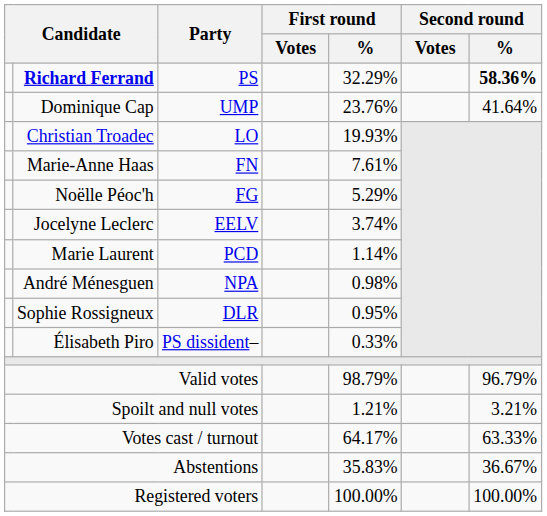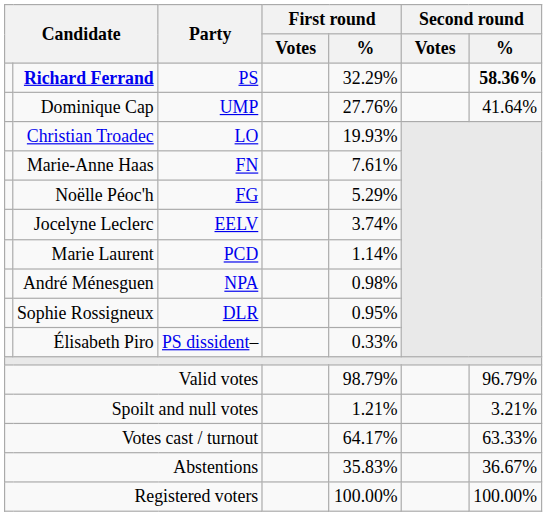 <table class="wikitable" style="text-align:right;font-size:95%;">
 <tr>
 <th rowspan=2 colspan=2>Candidate</th>
 <th rowspan=2 colspan=1>Party</th>
 <th colspan=2>First round</th>
 <th colspan=2>Second round</th>
 </tr>
 <tr>
 <th style="width:50px;">Votes</th>
 <th style="width:55px;">%</th>
 <th style="width:50px;">Votes</th>
 <th style="width:55px;">%</th>
 </tr>
 <tr>
 <td style="color:inherit;background-color:"></td>
 <td><strong><a href='#'>Richard Ferrand</a></strong></td>
 <td><a href='#'>PS</a></td>
 <td></td>
 <td>32.29%</td>
 <td><strong></strong></td>
 <td><strong>58.36%</strong></td>
 </tr>
 <tr>
 <td style="color:inherit;background-color:"></td>
 <td>Dominique Cap</td>
 <td><a href='#'>UMP</a></td>
 <td></td>
-<td>23.76%</td>
+<td>27.76%</td>
 <td></td>
 <td>41.64%</td>
 </tr>
 <tr>
 <td style="color:inherit;background-color:"></td>
 <td><a href='#'>Christian Troadec</a></td>
 <td><a href='#'>LO</a></td>
 <td></td>
 <td>19.93%</td>
 <td colspan=7 rowspan=8 style="background-color:#E9E9E9;"></td>
 </tr>
 <tr>
 <td style="color:inherit;background-color:"></td>
 <td>Marie-Anne Haas</td>
 <td><a href='#'>FN</a></td>
 <td></td>
 <td>7.61%</td>
 </tr>
 <tr>
 <td style="color:inherit;background-color:"></td>
 <td>Noëlle Péoc'h</td>
 <td><a href='#'>FG</a></td>
 <td></td>
 <td>5.29%</td>
 </tr>
 <tr>
 <td style="color:inherit;background-color:"></td>
 <td>Jocelyne Leclerc</td>
 <td><a href='#'>EELV</a></td>
 <td></td>
 <td>3.74%</td>
 </tr>
 <tr>
 <td style="color:inherit;background-color:"></td>
 <td>Marie Laurent</td>
 <td><a href='#'>PCD</a></td>
 <td></td>
 <td>1.14%</td>
 </tr>
 <tr>
 <td style="color:inherit;background-color:"></td>
 <td>André Ménesguen</td>
 <td><a href='#'>NPA</a></td>
 <td></td>
 <td>0.98%</td>
 </tr>
 <tr>
 <td style="color:inherit;background-color:"></td>
 <td>Sophie Rossigneux</td>
 <td><a href='#'>DLR</a></td>
 <td></td>
 <td>0.95%</td>
 </tr>
 <tr>
 <td style="color:inherit;background-color:"></td>
 <td>Élisabeth Piro</td>
 <td><a href='#'>PS dissident</a>–</td>
 <td></td>
 <td>0.33%</td>
 </tr>
 <tr>
 <td colspan=7 style="background-color:#E9E9E9;"></td>
 </tr>
 <tr>
 <td colspan=3>Valid votes</td>
 <td></td>
 <td>98.79%</td>
 <td></td>
 <td>96.79%</td>
 </tr>
 <tr>
 <td colspan=3>Spoilt and null votes</td>
 <td></td>
 <td>1.21%</td>
 <td></td>
 <td>3.21%</td>
 </tr>
 <tr>
 <td colspan=3>Votes cast / turnout</td>
 <td></td>
 <td>64.17%</td>
 <td></td>
 <td>63.33%</td>
 </tr>
 <tr>
 <td colspan=3>Abstentions</td>
 <td></td>
 <td>35.83%</td>
 <td></td>
 <td>36.67%</td>
 </tr>
 <tr>
 <td colspan=3>Registered voters</td>
 <td></td>
 <td>100.00%</td>
 <td></td>
 <td>100.00%</td>
 </tr>
 </table>
